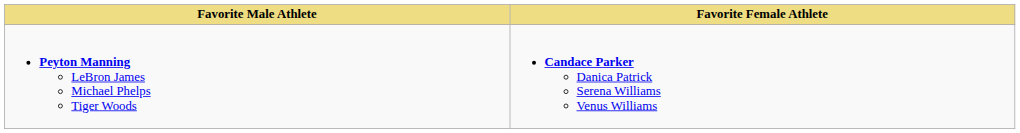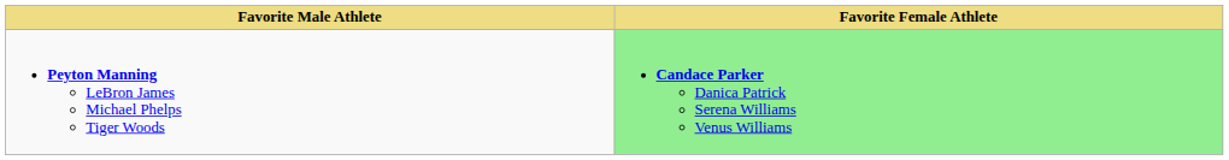 <table class="wikitable" style="width:100%">
 <tr>
 <th style="background:#EEDD82; width:50%">Favorite Male Athlete</th>
 <th style="background:#EEDD82; width:50%">Favorite Female Athlete</th>
 </tr>
 <tr>
 <td valign="top"><br><ul><li><strong><a href='#'>Peyton Manning</a></strong><ul><li><a href='#'>LeBron James</a></li><li><a href='#'>Michael Phelps</a></li><li><a href='#'>Tiger Woods</a></li></ul></li></ul></td>
-<td valign="top"><br><ul><li><strong><a href='#'>Candace Parker</a></strong><ul><li><a href='#'>Danica Patrick</a></li><li><a href='#'>Serena Williams</a></li><li><a href='#'>Venus Williams</a></li></ul></li></ul></td>
+<td valign="top" style="background: lightgreen;"><br><ul><li><strong><a href='#'>Candace Parker</a></strong><ul><li><a href='#'>Danica Patrick</a></li><li><a href='#'>Serena Williams</a></li><li><a href='#'>Venus Williams</a></li></ul></li></ul></td>
 </tr>
 </table>
